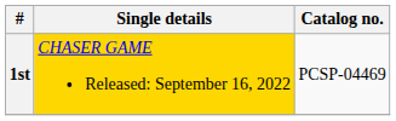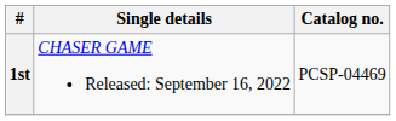 <table class="wikitable" style="font-size: 90%; text-align:center;">
 <tr>
 <th>#</th>
 <th>Single details</th>
 <th>Catalog no.</th>
 </tr>
 <tr>
 <th>1st</th>
-<td align="left" style="background: gold;"><em><a href='#'>CHASER GAME</a></em><br><ul><li>Released: September 16, 2022</li></ul></td>
+<td align="left"><em><a href='#'>CHASER GAME</a></em><br><ul><li>Released: September 16, 2022</li></ul></td>
 <td>PCSP-04469</td>
 </tr>
 <tr>
 </tr>
 </table>
